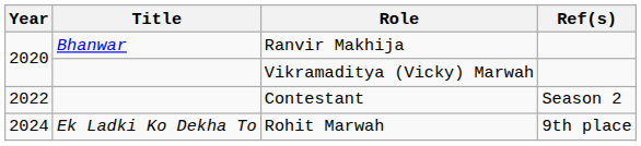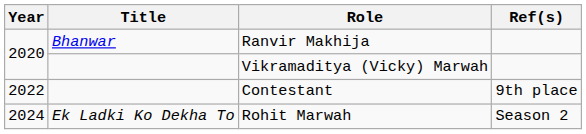 <table class="wikitable">
 <tr>
 <th>Year</th>
 <th>Title</th>
 <th>Role</th>
 <th>Ref(s)</th>
 </tr>
 <tr>
 <td rowspan="2">2020</td>
 <td><em><a href='#'>Bhanwar</a></em></td>
 <td>Ranvir Makhija</td>
 <td></td>
 </tr>
 <tr>
 <td></td>
 <td>Vikramaditya (Vicky) Marwah</td>
 <td></td>
 </tr>
 <tr>
 <td>2022</td>
 <td></td>
 <td>Contestant</td>
-<td>Season 2</td>
+<td>9th place</td>
 </tr>
 <tr>
 <td>2024</td>
 <td><em>Ek Ladki Ko Dekha To</em></td>
 <td>Rohit Marwah</td>
-<td>9th place</td>
+<td>Season 2</td>
 </tr>
 </table>
